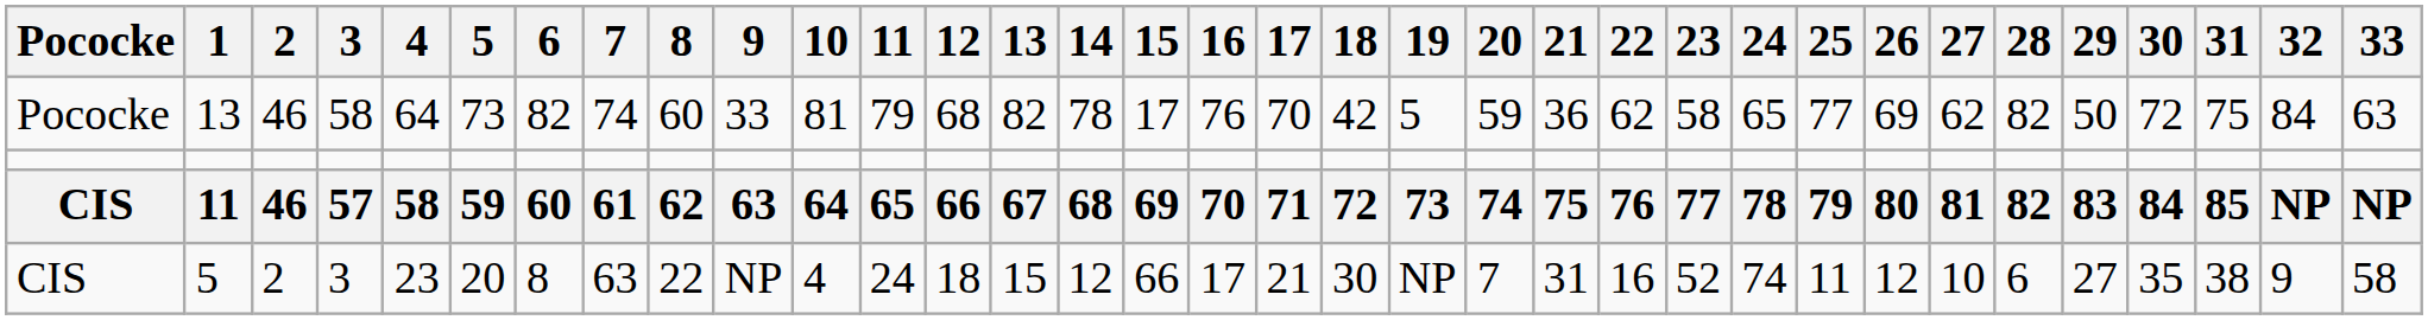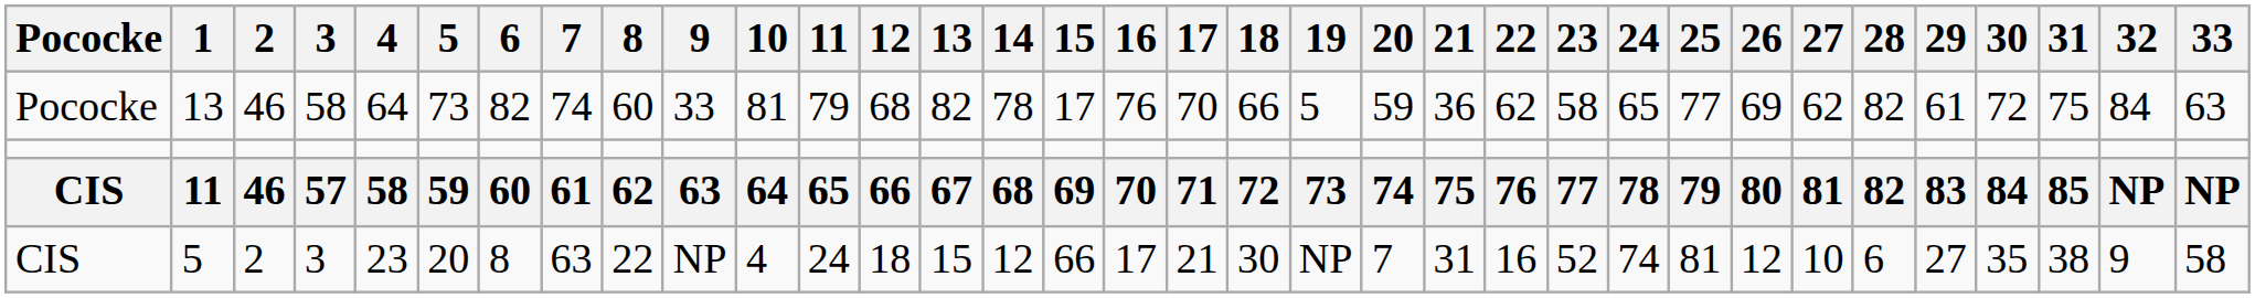 <table class="wikitable">
 <tr>
 <th>Pococke</th>
 <th>1</th>
 <th>2</th>
 <th>3</th>
 <th>4</th>
 <th>5</th>
 <th>6</th>
 <th>7</th>
 <th>8</th>
 <th>9</th>
 <th>10</th>
 <th>11</th>
 <th>12</th>
 <th>13</th>
 <th>14</th>
 <th>15</th>
 <th>16</th>
 <th>17</th>
 <th>18</th>
 <th>19</th>
 <th>20</th>
 <th>21</th>
 <th>22</th>
 <th>23</th>
 <th>24</th>
 <th>25</th>
 <th>26</th>
 <th>27</th>
 <th>28</th>
 <th>29</th>
 <th>30</th>
 <th>31</th>
 <th>32</th>
 <th>33</th>
 </tr>
 <tr>
 <td>Pococke</td>
 <td>13</td>
 <td>46</td>
 <td>58</td>
 <td>64</td>
 <td>73</td>
 <td>82</td>
 <td>74</td>
 <td>60</td>
 <td>33</td>
 <td>81</td>
 <td>79</td>
 <td>68</td>
 <td>82</td>
 <td>78</td>
 <td>17</td>
 <td>76</td>
 <td>70</td>
-<td>42</td>
+<td>66</td>
 <td>5</td>
 <td>59</td>
 <td>36</td>
 <td>62</td>
 <td>58</td>
 <td>65</td>
 <td>77</td>
 <td>69</td>
 <td>62</td>
 <td>82</td>
-<td>50</td>
+<td>61</td>
 <td>72</td>
 <td>75</td>
 <td>84</td>
 <td>63</td>
 </tr>
 <tr>
 <td></td>
 <td></td>
 <td></td>
 <td></td>
 <td></td>
 <td></td>
 <td></td>
 <td></td>
 <td></td>
 <td></td>
 <td></td>
 <td></td>
 <td></td>
 <td></td>
 <td></td>
 <td></td>
 <td></td>
 <td></td>
 <td></td>
 <td></td>
 <td></td>
 <td></td>
 <td></td>
 <td></td>
 <td></td>
 <td></td>
 <td></td>
 <td></td>
 <td></td>
 <td></td>
 <td></td>
 <td></td>
 <td></td>
 <td></td>
 </tr>
 <tr>
 <th>CIS</th>
 <th>11</th>
 <th>46</th>
 <th>57</th>
 <th>58</th>
 <th>59</th>
 <th>60</th>
 <th>61</th>
 <th>62</th>
 <th>63</th>
 <th>64</th>
 <th>65</th>
 <th>66</th>
 <th>67</th>
 <th>68</th>
 <th>69</th>
 <th>70</th>
 <th>71</th>
 <th>72</th>
 <th>73</th>
 <th>74</th>
 <th>75</th>
 <th>76</th>
 <th>77</th>
 <th>78</th>
 <th>79</th>
 <th>80</th>
 <th>81</th>
 <th>82</th>
 <th>83</th>
 <th>84</th>
 <th>85</th>
 <th>NP</th>
 <th>NP</th>
 </tr>
 <tr>
 <td>CIS</td>
 <td>5</td>
 <td>2</td>
 <td>3</td>
 <td>23</td>
 <td>20</td>
 <td>8</td>
 <td>63</td>
 <td>22</td>
 <td>NP</td>
 <td>4</td>
 <td>24</td>
 <td>18</td>
 <td>15</td>
 <td>12</td>
 <td>66</td>
 <td>17</td>
 <td>21</td>
 <td>30</td>
 <td>NP</td>
 <td>7</td>
 <td>31</td>
 <td>16</td>
 <td>52</td>
 <td>74</td>
-<td>11</td>
+<td>81</td>
 <td>12</td>
 <td>10</td>
 <td>6</td>
 <td>27</td>
 <td>35</td>
 <td>38</td>
 <td>9</td>
 <td>58</td>
 </tr>
 </table>
